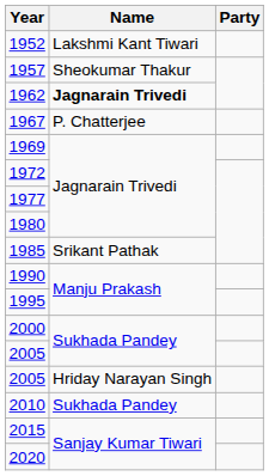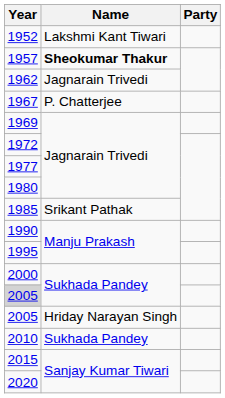 <table class="wikitable sortable">
 <tr>
 <th>Year</th>
 <th>Name</th>
 <th colspan="2">Party</th>
 </tr>
 <tr>
 <td><a href='#'>1952</a></td>
 <td>Lakshmi Kant Tiwari</td>
 <td></td>
 </tr>
 <tr>
 <td><a href='#'>1957</a></td>
-<td>Sheokumar Thakur</td>
+<td><strong>Sheokumar Thakur</strong></td>
 </tr>
 <tr>
 <td><a href='#'>1962</a></td>
-<td><strong>Jagnarain Trivedi</strong></td>
+<td>Jagnarain Trivedi</td>
 </tr>
 <tr>
 <td><a href='#'>1967</a></td>
 <td>P. Chatterjee</td>
 <td></td>
 </tr>
 <tr>
 <td><a href='#'>1969</a></td>
 <td rowspan="4">Jagnarain Trivedi</td>
 <td></td>
 </tr>
 <tr>
 <td><a href='#'>1972</a></td>
 </tr>
 <tr>
 <td><a href='#'>1977</a></td>
 </tr>
 <tr>
 <td><a href='#'>1980</a></td>
 </tr>
 <tr>
 <td><a href='#'>1985</a></td>
 <td>Srikant Pathak</td>
 </tr>
 <tr>
 <td><a href='#'>1990</a></td>
 <td rowspan="2"><a href='#'>Manju Prakash</a></td>
 <td></td>
 </tr>
 <tr>
 <td><a href='#'>1995</a></td>
 </tr>
 <tr>
 <td><a href='#'>2000</a></td>
 <td rowspan="2"><a href='#'>Sukhada Pandey</a></td>
 <td></td>
 </tr>
 <tr>
-<td><a href='#'>2005</a></td>
+<td style="background: lightgrey;"><a href='#'>2005</a></td>
 </tr>
 <tr>
 <td><a href='#'>2005</a></td>
 <td>Hriday Narayan Singh</td>
 <td></td>
 </tr>
 <tr>
 <td><a href='#'>2010</a></td>
 <td><a href='#'>Sukhada Pandey</a></td>
 <td></td>
 </tr>
 <tr>
 <td><a href='#'>2015</a></td>
 <td rowspan="2"><a href='#'>Sanjay Kumar Tiwari</a></td>
 <td></td>
 </tr>
 <tr>
 <td><a href='#'>2020</a></td>
 </tr>
 </table>
